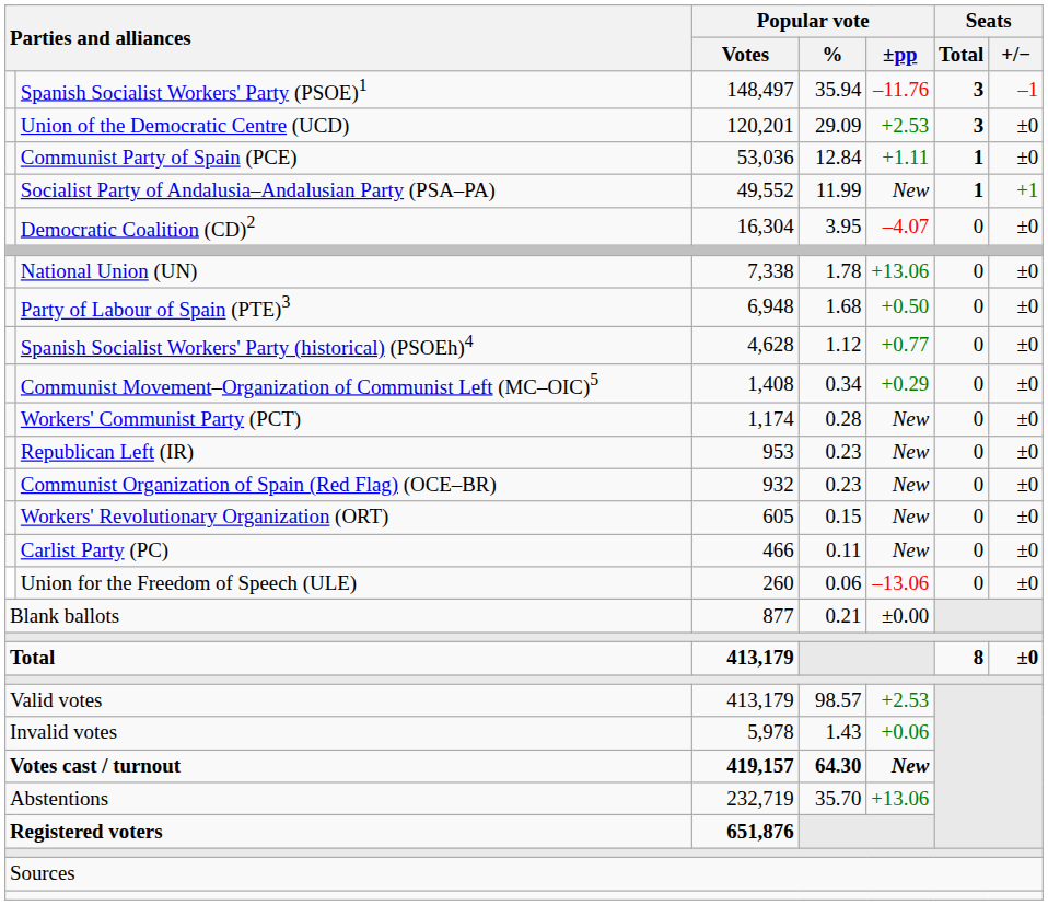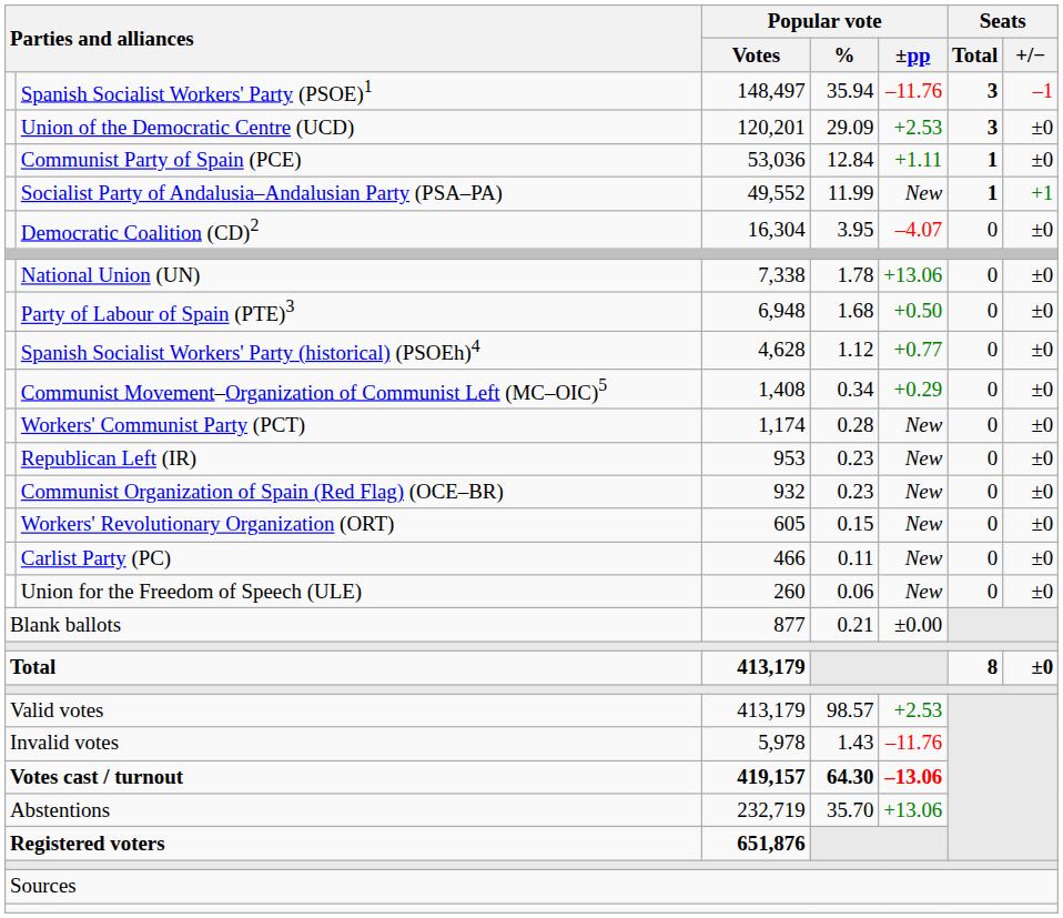 <table class="wikitable" style="text-align:right;">
 <tr>
 <th style="text-align:left;" rowspan="2" colspan="2" width="525">Parties and alliances</th>
 <th colspan="3">Popular vote</th>
 <th colspan="2">Seats</th>
 </tr>
 <tr>
 <th width="75">Votes</th>
 <th width="45">%</th>
 <th width="45">±<a href='#'>pp</a></th>
 <th width="35">Total</th>
 <th width="35">+/−</th>
 </tr>
 <tr>
 <td width="1" style="color:inherit;background:"></td>
 <td align="left"><a href='#'>Spanish Socialist Workers' Party</a> (PSOE)<sup>1</sup></td>
 <td>148,497</td>
 <td>35.94</td>
 <td style="color:red;">–11.76</td>
 <td><strong>3</strong></td>
 <td style="color:red;">–1</td>
 </tr>
 <tr>
 <td style="color:inherit;background:"></td>
 <td align="left"><a href='#'>Union of the Democratic Centre</a> (UCD)</td>
 <td>120,201</td>
 <td>29.09</td>
 <td style="color:green;">+2.53</td>
 <td><strong>3</strong></td>
 <td>±0</td>
 </tr>
 <tr>
 <td style="color:inherit;background:"></td>
 <td align="left"><a href='#'>Communist Party of Spain</a> (PCE)</td>
 <td>53,036</td>
 <td>12.84</td>
 <td style="color:green;">+1.11</td>
 <td><strong>1</strong></td>
 <td>±0</td>
 </tr>
 <tr>
 <td style="color:inherit;background:"></td>
 <td align="left"><a href='#'>Socialist Party of Andalusia–Andalusian Party</a> (PSA–PA)</td>
 <td>49,552</td>
 <td>11.99</td>
 <td><em>New</em></td>
 <td><strong>1</strong></td>
 <td style="color:green;">+1</td>
 </tr>
 <tr>
 <td style="color:inherit;background:"></td>
 <td align="left"><a href='#'>Democratic Coalition</a> (CD)<sup>2</sup></td>
 <td>16,304</td>
 <td>3.95</td>
 <td style="color:red;">–4.07</td>
 <td>0</td>
 <td>±0</td>
 </tr>
 <tr>
 <td colspan="7" bgcolor="#C0C0C0"></td>
 </tr>
 <tr>
 <td style="color:inherit;background:"></td>
 <td align="left"><a href='#'>National Union</a> (UN)</td>
 <td>7,338</td>
 <td>1.78</td>
 <td style="color:green;">+13.06</td>
 <td>0</td>
 <td>±0</td>
 </tr>
 <tr>
 <td style="color:inherit;background:"></td>
 <td align="left"><a href='#'>Party of Labour of Spain</a> (PTE)<sup>3</sup></td>
 <td>6,948</td>
 <td>1.68</td>
 <td style="color:green;">+0.50</td>
 <td>0</td>
 <td>±0</td>
 </tr>
 <tr>
 <td style="color:inherit;background:"></td>
 <td align="left"><a href='#'>Spanish Socialist Workers' Party (historical)</a> (PSOEh)<sup>4</sup></td>
 <td>4,628</td>
 <td>1.12</td>
 <td style="color:green;">+0.77</td>
 <td>0</td>
 <td>±0</td>
 </tr>
 <tr>
 <td style="color:inherit;background:"></td>
 <td align="left"><a href='#'>Communist Movement</a>–<a href='#'>Organization of Communist Left</a> (MC–OIC)<sup>5</sup></td>
 <td>1,408</td>
 <td>0.34</td>
 <td style="color:green;">+0.29</td>
 <td>0</td>
 <td>±0</td>
 </tr>
 <tr>
 <td style="color:inherit;background:"></td>
 <td align="left"><a href='#'>Workers' Communist Party</a> (PCT)</td>
 <td>1,174</td>
 <td>0.28</td>
 <td><em>New</em></td>
 <td>0</td>
 <td>±0</td>
 </tr>
 <tr>
 <td style="color:inherit;background:"></td>
 <td align="left"><a href='#'>Republican Left</a> (IR)</td>
 <td>953</td>
 <td>0.23</td>
 <td><em>New</em></td>
 <td>0</td>
 <td>±0</td>
 </tr>
 <tr>
 <td style="color:inherit;background:"></td>
 <td align="left"><a href='#'>Communist Organization of Spain (Red Flag)</a> (OCE–BR)</td>
 <td>932</td>
 <td>0.23</td>
 <td><em>New</em></td>
 <td>0</td>
 <td>±0</td>
 </tr>
 <tr>
 <td style="color:inherit;background:"></td>
 <td align="left"><a href='#'>Workers' Revolutionary Organization</a> (ORT)</td>
 <td>605</td>
 <td>0.15</td>
 <td><em>New</em></td>
 <td>0</td>
 <td>±0</td>
 </tr>
 <tr>
 <td style="color:inherit;background:"></td>
 <td align="left"><a href='#'>Carlist Party</a> (PC)</td>
 <td>466</td>
 <td>0.11</td>
 <td><em>New</em></td>
 <td>0</td>
 <td>±0</td>
 </tr>
 <tr>
 <td bgcolor="white"></td>
 <td align="left">Union for the Freedom of Speech (ULE)</td>
 <td>260</td>
 <td>0.06</td>
-<td style="color:red;">–13.06</td>
+<td><em>New</em></td>
 <td>0</td>
 <td>±0</td>
 </tr>
 <tr>
 <td align="left" colspan="2">Blank ballots</td>
 <td>877</td>
 <td>0.21</td>
 <td>±0.00</td>
 <td bgcolor="#E9E9E9" colspan="2"></td>
 </tr>
 <tr>
 <td colspan="7" bgcolor="#E9E9E9"></td>
 </tr>
 <tr style="font-weight:bold;">
 <td align="left" colspan="2">Total</td>
 <td>413,179</td>
 <td bgcolor="#E9E9E9" colspan="2"></td>
 <td>8</td>
 <td>±0</td>
 </tr>
 <tr>
 <td colspan="7" bgcolor="#E9E9E9"></td>
 </tr>
 <tr>
 <td align="left" colspan="2">Valid votes</td>
 <td>413,179</td>
 <td>98.57</td>
 <td style="color:green;">+2.53</td>
 <td bgcolor="#E9E9E9" colspan="2" rowspan="5"></td>
 </tr>
 <tr>
 <td align="left" colspan="2">Invalid votes</td>
 <td>5,978</td>
 <td>1.43</td>
-<td style="color:green;">+0.06</td>
+<td style="color:red;">–11.76</td>
 </tr>
 <tr style="font-weight:bold;">
 <td align="left" colspan="2">Votes cast / turnout</td>
 <td>419,157</td>
 <td>64.30</td>
-<td><em>New</em></td>
+<td style="color:red;">–13.06</td>
 </tr>
 <tr>
 <td align="left" colspan="2">Abstentions</td>
 <td>232,719</td>
 <td>35.70</td>
 <td style="color:green;">+13.06</td>
 </tr>
 <tr style="font-weight:bold;">
 <td align="left" colspan="2">Registered voters</td>
 <td>651,876</td>
 <td bgcolor="#E9E9E9" colspan="2"></td>
 </tr>
 <tr>
 <td colspan="7" bgcolor="#E9E9E9"></td>
 </tr>
 <tr>
 <td align="left" colspan="7">Sources</td>
 </tr>
 <tr>
 <td colspan="7" style="text-align:left; max-width:790px;"></td>
 </tr>
 </table>
